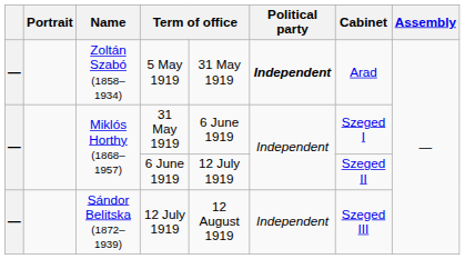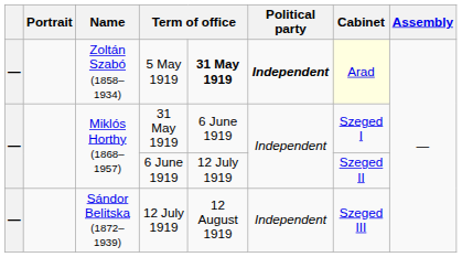 <table class="wikitable" style="width:90%; text-align:center;">
 <tr>
 <th></th>
 <th>Portrait</th>
 <th>Name<br></th>
 <th colspan=2>Term of office</th>
 <th>Political party</th>
 <th>Cabinet</th>
 <th><a href='#'>Assembly</a><br></th>
 </tr>
 <tr>
 <th style="background:">—</th>
 <td></td>
 <td><a href='#'>Zoltán Szabó</a><br><small>(1858–1934)</small></td>
 <td>5 May 1919</td>
-<td>31 May 1919</td>
+<td><strong>31 May 1919</strong></td>
 <td><strong><em>Independent</em></strong></td>
-<td><a href='#'>Arad</a></td>
+<td style="background: lightyellow;"><a href='#'>Arad</a></td>
 <td rowspan="4">—</td>
 </tr>
 <tr>
 <th rowspan="2" style="background:">—</th>
 <td rowspan="2"></td>
 <td rowspan="2"><a href='#'>Miklós Horthy</a><br><small>(1868–1957)</small></td>
 <td>31 May 1919</td>
 <td>6 June 1919</td>
 <td rowspan="2"><em>Independent</em></td>
 <td><a href='#'>Szeged I</a></td>
 </tr>
 <tr>
 <td>6 June 1919</td>
 <td>12 July 1919</td>
 <td><a href='#'>Szeged II</a></td>
 </tr>
 <tr>
 <th style="background:">—</th>
 <td></td>
 <td><a href='#'>Sándor Belitska</a><br><small>(1872–1939)</small></td>
 <td>12 July 1919</td>
 <td>12 August 1919</td>
 <td><em>Independent</em></td>
 <td><a href='#'>Szeged III</a></td>
 </tr>
 </table>
